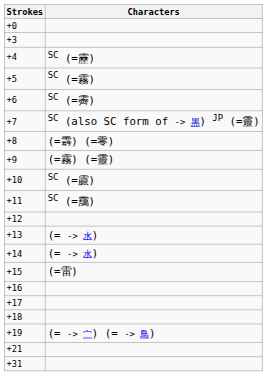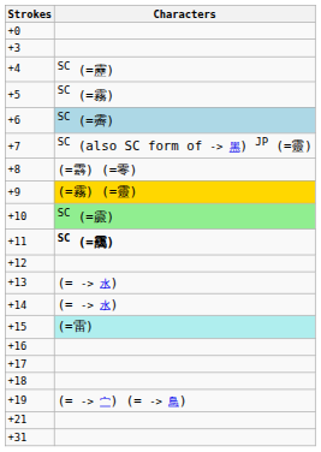 <table class="wikitable">
 <tr>
 <th>Strokes</th>
 <th>Characters</th>
 </tr>
 <tr>
 <td>+0</td>
 <td style="font-size: large;"></td>
 </tr>
 <tr>
 <td>+3</td>
 <td style="font-size: large;">  </td>
 </tr>
 <tr>
 <td>+4</td>
 <td style="font-size: large;">       <sup>SC</sup> (=靂)</td>
 </tr>
 <tr>
 <td>+5</td>
 <td style="font-size: large;">          <sup>SC</sup> (=霧)</td>
 </tr>
 <tr>
 <td>+6</td>
-<td style="font-size: large;">  <sup>SC</sup> (=霽)</td>
+<td style="background: lightblue; font-size: large;">  <sup>SC</sup> (=霽)</td>
 </tr>
 <tr>
 <td>+7</td>
 <td style="font-size: large;">       <sup>SC</sup> (also SC form of  <small>-> <a href='#'>黑</a></small>) <sup>JP</sup> (=靈)</td>
 </tr>
 <tr>
 <td>+8</td>
 <td style="font-size: large;">        (=𩃬)      (=零)</td>
 </tr>
 <tr>
 <td>+9</td>
-<td style="font-size: large;">   (=霧)  (=靈)     </td>
+<td style="background: gold; font-size: large;">   (=霧)  (=靈)     </td>
 </tr>
 <tr>
 <td>+10</td>
-<td style="font-size: large;"><sup>SC</sup> (=霢)    </td>
+<td style="background: lightgreen; font-size: large;"><sup>SC</sup> (=霢)    </td>
 </tr>
 <tr>
 <td>+11</td>
-<td style="font-size: large;">       <sup>SC</sup> (=靄)</td>
+<td style="font-size: large;"><strong>       <sup>SC</sup> (=靄)</strong></td>
 </tr>
 <tr>
 <td>+12</td>
 <td style="font-size: large;">      </td>
 </tr>
 <tr>
 <td>+13</td>
 <td style="font-size: large;">      (= <small>-> <a href='#'>水</a></small>) </td>
 </tr>
 <tr>
 <td>+14</td>
 <td style="font-size: large;">     (= <small>-> <a href='#'>水</a></small>)</td>
 </tr>
 <tr>
 <td>+15</td>
-<td style="font-size: large;"> (=雷)</td>
+<td style="background: paleturquoise; font-size: large;"> (=雷)</td>
 </tr>
 <tr>
 <td>+16</td>
 <td style="font-size: large;">      </td>
 </tr>
 <tr>
 <td>+17</td>
 <td style="font-size: large;"></td>
 </tr>
 <tr>
 <td>+18</td>
 <td style="font-size: large;"></td>
 </tr>
 <tr>
 <td>+19</td>
 <td style="font-size: large;">  (= <small>-> <a href='#'>宀</a></small>)  (= <small>-> <a href='#'>鳥</a></small>) </td>
 </tr>
 <tr>
 <td>+21</td>
 <td style="font-size: large;"></td>
 </tr>
 <tr>
 <td>+31</td>
 <td style="font-size: large;"></td>
 </tr>
 </table>
